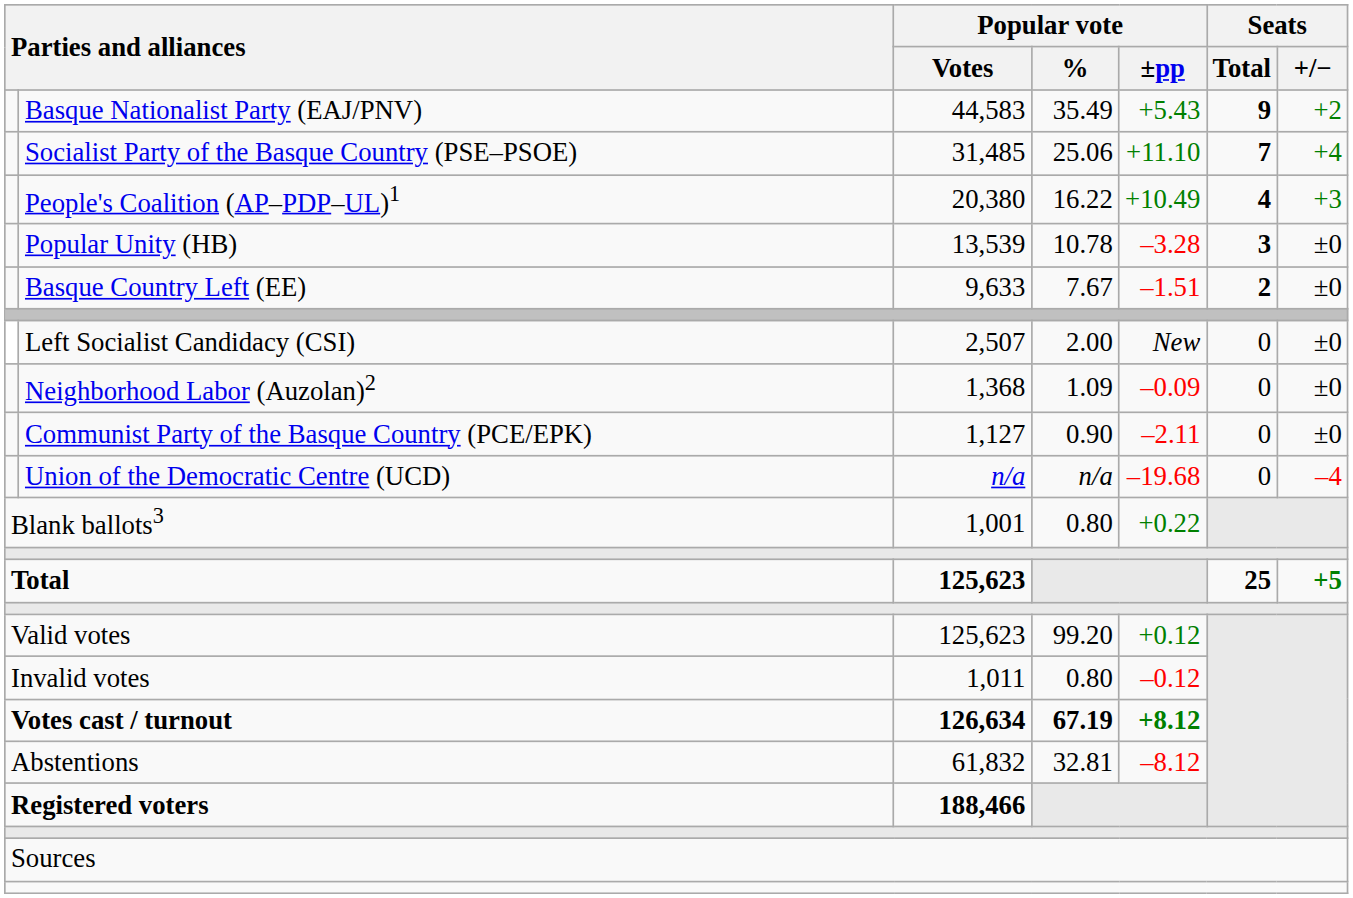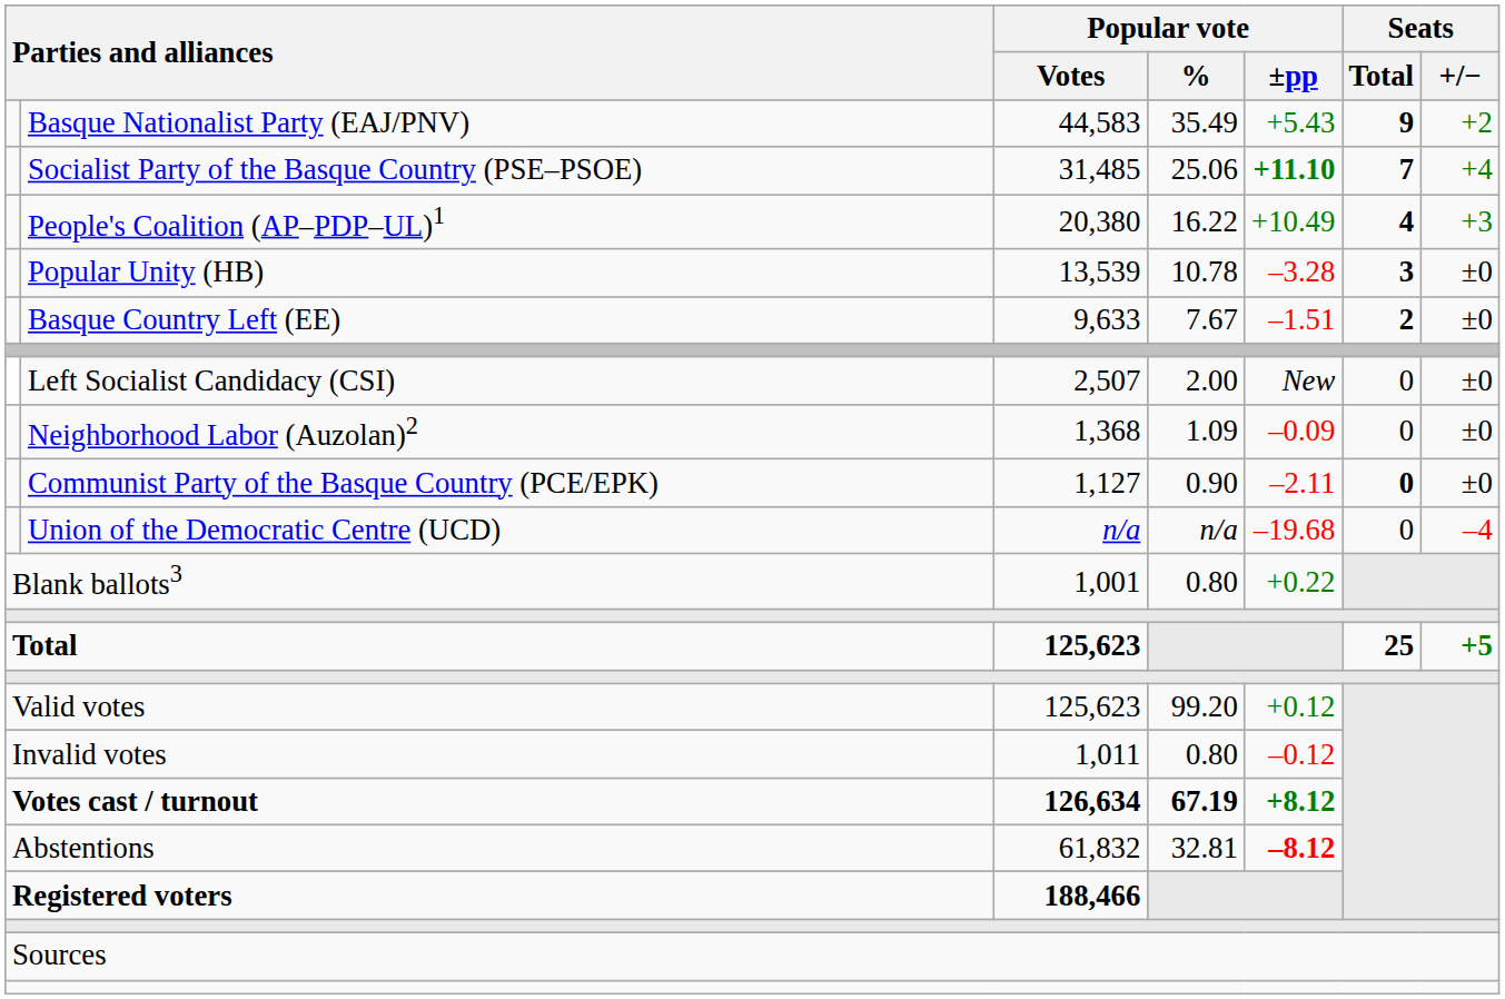 <table class="wikitable" style="text-align:right;">
 <tr>
 <th style="text-align:left;" rowspan="2" colspan="2" width="525">Parties and alliances</th>
 <th colspan="3">Popular vote</th>
 <th colspan="2">Seats</th>
 </tr>
 <tr>
 <th width="75">Votes</th>
 <th width="45">%</th>
 <th width="45">±<a href='#'>pp</a></th>
 <th width="35">Total</th>
 <th width="35">+/−</th>
 </tr>
 <tr>
 <td width="1" style="color:inherit;background:"></td>
 <td align="left"><a href='#'>Basque Nationalist Party</a> (EAJ/PNV)</td>
 <td>44,583</td>
 <td>35.49</td>
 <td style="color:green;">+5.43</td>
 <td><strong>9</strong></td>
 <td style="color:green;">+2</td>
 </tr>
 <tr>
 <td style="color:inherit;background:"></td>
 <td align="left"><a href='#'>Socialist Party of the Basque Country</a> (PSE–PSOE)</td>
 <td>31,485</td>
 <td>25.06</td>
-<td style="color:green;">+11.10</td>
+<td style="color:green;"><strong>+11.10</strong></td>
 <td><strong>7</strong></td>
 <td style="color:green;">+4</td>
 </tr>
 <tr>
 <td style="color:inherit;background:"></td>
 <td align="left"><a href='#'>People's Coalition</a> (<a href='#'>AP</a>–<a href='#'>PDP</a>–<a href='#'>UL</a>)<sup>1</sup></td>
 <td>20,380</td>
 <td>16.22</td>
 <td style="color:green;">+10.49</td>
 <td><strong>4</strong></td>
 <td style="color:green;">+3</td>
 </tr>
 <tr>
 <td style="color:inherit;background:"></td>
 <td align="left"><a href='#'>Popular Unity</a> (HB)</td>
 <td>13,539</td>
 <td>10.78</td>
 <td style="color:red;">–3.28</td>
 <td><strong>3</strong></td>
 <td>±0</td>
 </tr>
 <tr>
 <td style="color:inherit;background:"></td>
 <td align="left"><a href='#'>Basque Country Left</a> (EE)</td>
 <td>9,633</td>
 <td>7.67</td>
 <td style="color:red;">–1.51</td>
 <td><strong>2</strong></td>
 <td>±0</td>
 </tr>
 <tr>
 <td colspan="7" bgcolor="#C0C0C0"></td>
 </tr>
 <tr>
 <td bgcolor="white"></td>
 <td align="left">Left Socialist Candidacy (CSI)</td>
 <td>2,507</td>
 <td>2.00</td>
 <td><em>New</em></td>
 <td>0</td>
 <td>±0</td>
 </tr>
 <tr>
 <td style="color:inherit;background:"></td>
 <td align="left"><a href='#'>Neighborhood Labor</a> (Auzolan)<sup>2</sup></td>
 <td>1,368</td>
 <td>1.09</td>
 <td style="color:red;">–0.09</td>
 <td>0</td>
 <td>±0</td>
 </tr>
 <tr>
 <td style="color:inherit;background:"></td>
 <td align="left"><a href='#'>Communist Party of the Basque Country</a> (PCE/EPK)</td>
 <td>1,127</td>
 <td>0.90</td>
 <td style="color:red;">–2.11</td>
-<td>0</td>
+<td><strong>0</strong></td>
 <td>±0</td>
 </tr>
 <tr>
 <td style="color:inherit;background:"></td>
 <td align="left"><a href='#'>Union of the Democratic Centre</a> (UCD)</td>
 <td><em><a href='#'>n/a</a></em></td>
 <td><em>n/a</em></td>
 <td style="color:red;">–19.68</td>
 <td>0</td>
 <td style="color:red;">–4</td>
 </tr>
 <tr>
 <td align="left" colspan="2">Blank ballots<sup>3</sup></td>
 <td>1,001</td>
 <td>0.80</td>
 <td style="color:green;">+0.22</td>
 <td bgcolor="#E9E9E9" colspan="2"></td>
 </tr>
 <tr>
 <td colspan="7" bgcolor="#E9E9E9"></td>
 </tr>
 <tr style="font-weight:bold;">
 <td align="left" colspan="2">Total</td>
 <td>125,623</td>
 <td bgcolor="#E9E9E9" colspan="2"></td>
 <td>25</td>
 <td style="color:green;">+5</td>
 </tr>
 <tr>
 <td colspan="7" bgcolor="#E9E9E9"></td>
 </tr>
 <tr>
 <td align="left" colspan="2">Valid votes</td>
 <td>125,623</td>
 <td>99.20</td>
 <td style="color:green;">+0.12</td>
 <td bgcolor="#E9E9E9" colspan="2" rowspan="5"></td>
 </tr>
 <tr>
 <td align="left" colspan="2">Invalid votes</td>
 <td>1,011</td>
 <td>0.80</td>
 <td style="color:red;">–0.12</td>
 </tr>
 <tr style="font-weight:bold;">
 <td align="left" colspan="2">Votes cast / turnout</td>
 <td>126,634</td>
 <td>67.19</td>
 <td style="color:green;">+8.12</td>
 </tr>
 <tr>
 <td align="left" colspan="2">Abstentions</td>
 <td>61,832</td>
 <td>32.81</td>
-<td style="color:red;">–8.12</td>
+<td style="color:red;"><strong>–8.12</strong></td>
 </tr>
 <tr style="font-weight:bold;">
 <td align="left" colspan="2">Registered voters</td>
 <td>188,466</td>
 <td bgcolor="#E9E9E9" colspan="2"></td>
 </tr>
 <tr>
 <td colspan="7" bgcolor="#E9E9E9"></td>
 </tr>
 <tr>
 <td align="left" colspan="7">Sources</td>
 </tr>
 <tr>
 <td colspan="7" style="text-align:left; max-width:790px;"></td>
 </tr>
 </table>
